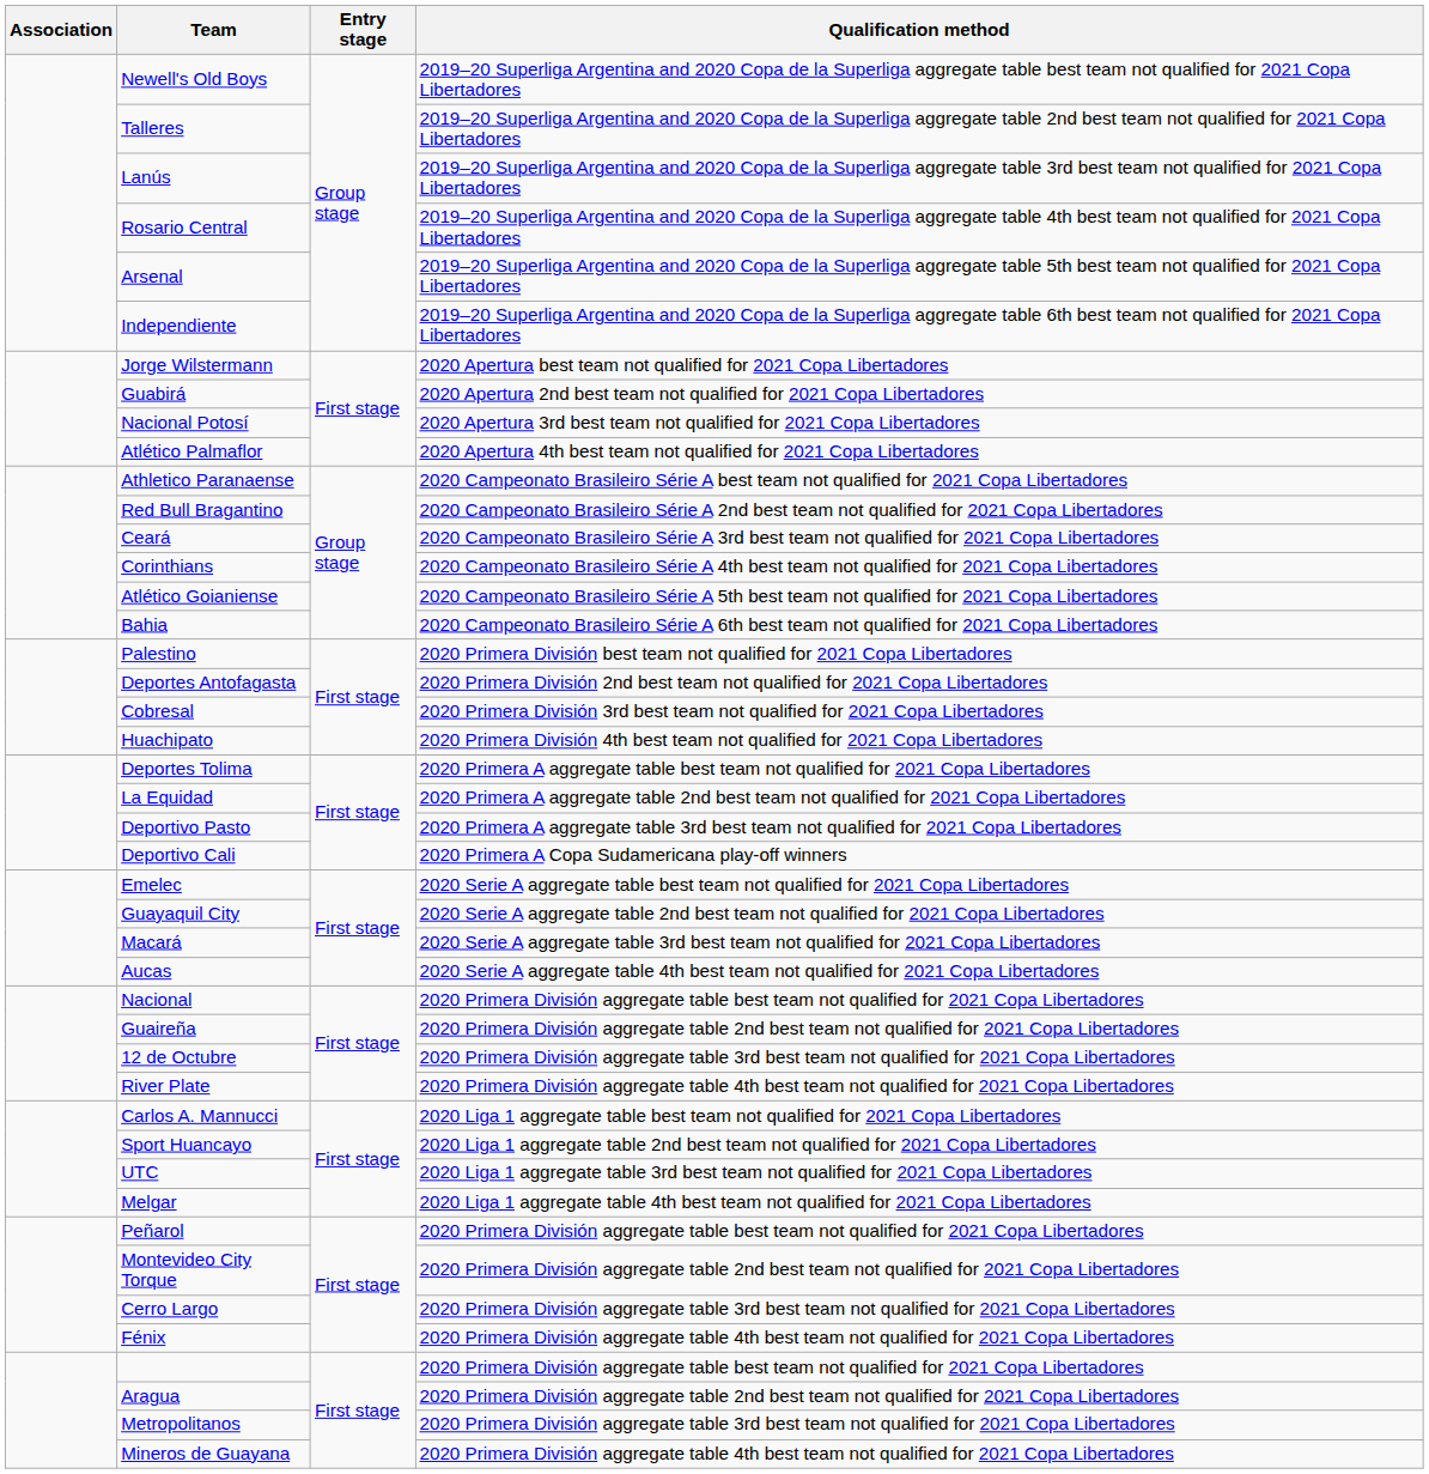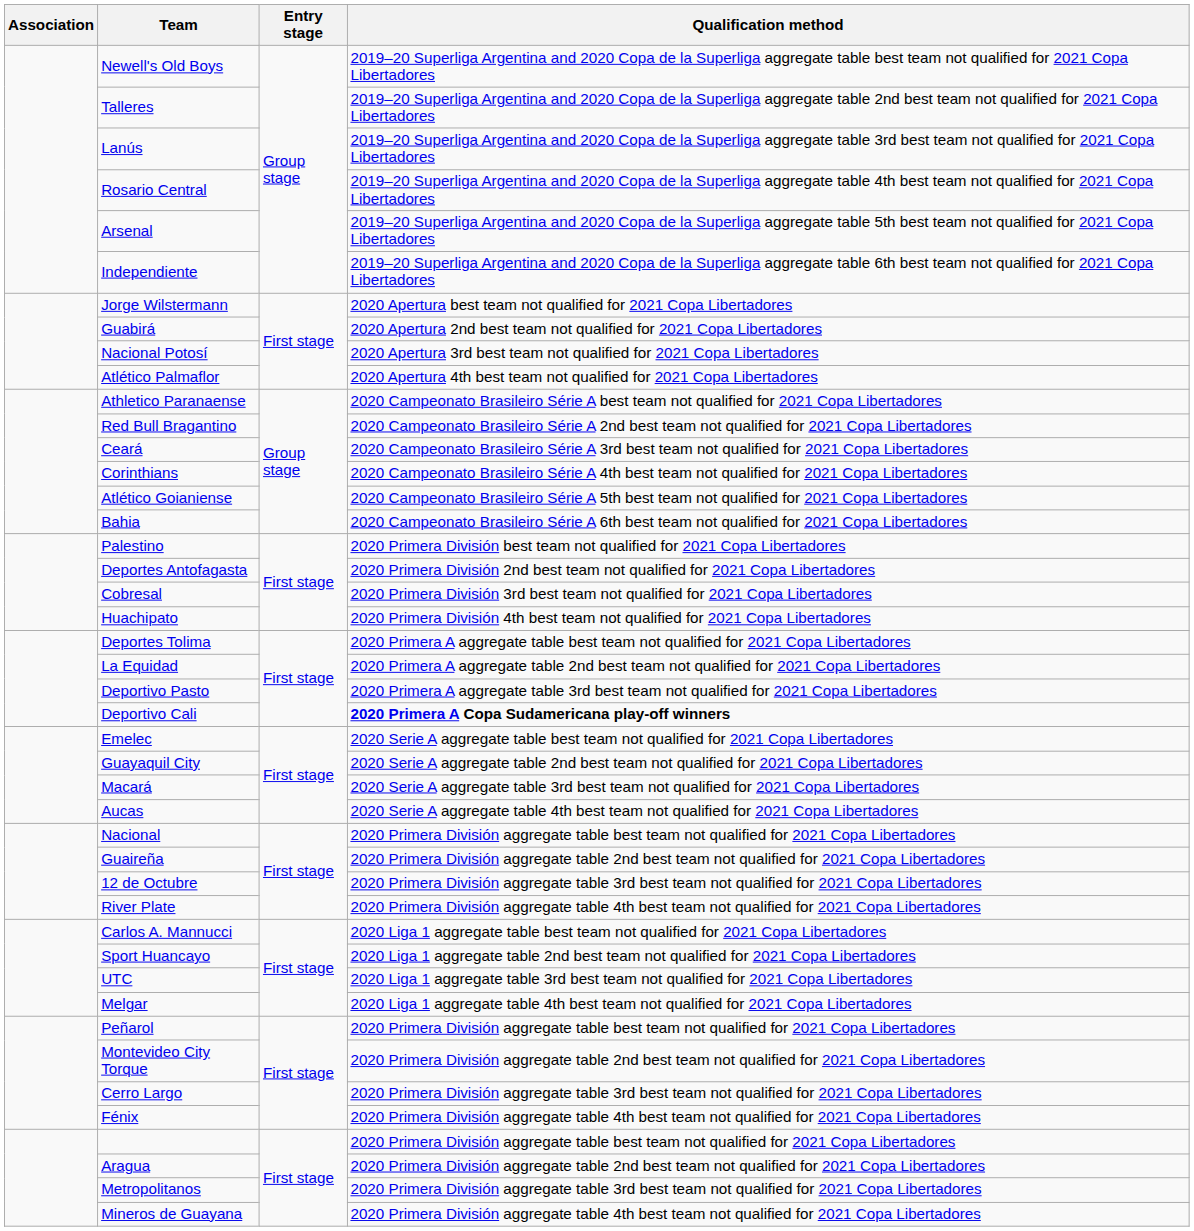 <table class="wikitable">
 <tr>
 <th>Association</th>
 <th>Team </th>
 <th>Entry stage</th>
 <th>Qualification method</th>
 </tr>
 <tr>
 <td rowspan=6><br></td>
 <td><a href='#'>Newell's Old Boys</a> </td>
 <td rowspan=6><a href='#'>Group stage</a></td>
 <td><a href='#'>2019–20 Superliga Argentina and 2020 Copa de la Superliga</a> aggregate table best team not qualified for <a href='#'>2021 Copa Libertadores</a></td>
 </tr>
 <tr>
 <td><a href='#'>Talleres</a> </td>
 <td><a href='#'>2019–20 Superliga Argentina and 2020 Copa de la Superliga</a> aggregate table 2nd best team not qualified for <a href='#'>2021 Copa Libertadores</a></td>
 </tr>
 <tr>
 <td><a href='#'>Lanús</a> </td>
 <td><a href='#'>2019–20 Superliga Argentina and 2020 Copa de la Superliga</a> aggregate table 3rd best team not qualified for <a href='#'>2021 Copa Libertadores</a></td>
 </tr>
 <tr>
 <td><a href='#'>Rosario Central</a> </td>
 <td><a href='#'>2019–20 Superliga Argentina and 2020 Copa de la Superliga</a> aggregate table 4th best team not qualified for <a href='#'>2021 Copa Libertadores</a></td>
 </tr>
 <tr>
 <td><a href='#'>Arsenal</a> </td>
 <td><a href='#'>2019–20 Superliga Argentina and 2020 Copa de la Superliga</a> aggregate table 5th best team not qualified for <a href='#'>2021 Copa Libertadores</a></td>
 </tr>
 <tr>
 <td><a href='#'>Independiente</a> </td>
 <td><a href='#'>2019–20 Superliga Argentina and 2020 Copa de la Superliga</a> aggregate table 6th best team not qualified for <a href='#'>2021 Copa Libertadores</a></td>
 </tr>
 <tr>
 <td rowspan=4><br></td>
 <td><a href='#'>Jorge Wilstermann</a> </td>
 <td rowspan=4><a href='#'>First stage</a></td>
 <td><a href='#'>2020 Apertura</a> best team not qualified for <a href='#'>2021 Copa Libertadores</a></td>
 </tr>
 <tr>
 <td><a href='#'>Guabirá</a> </td>
 <td><a href='#'>2020 Apertura</a> 2nd best team not qualified for <a href='#'>2021 Copa Libertadores</a></td>
 </tr>
 <tr>
 <td><a href='#'>Nacional Potosí</a> </td>
 <td><a href='#'>2020 Apertura</a> 3rd best team not qualified for <a href='#'>2021 Copa Libertadores</a></td>
 </tr>
 <tr>
 <td><a href='#'>Atlético Palmaflor</a> </td>
 <td><a href='#'>2020 Apertura</a> 4th best team not qualified for <a href='#'>2021 Copa Libertadores</a></td>
 </tr>
 <tr>
 <td rowspan=6><br></td>
 <td><a href='#'>Athletico Paranaense</a> </td>
 <td rowspan=6><a href='#'>Group stage</a></td>
 <td><a href='#'>2020 Campeonato Brasileiro Série A</a> best team not qualified for <a href='#'>2021 Copa Libertadores</a></td>
 </tr>
 <tr>
 <td><a href='#'>Red Bull Bragantino</a> </td>
 <td><a href='#'>2020 Campeonato Brasileiro Série A</a> 2nd best team not qualified for <a href='#'>2021 Copa Libertadores</a></td>
 </tr>
 <tr>
 <td><a href='#'>Ceará</a> </td>
 <td><a href='#'>2020 Campeonato Brasileiro Série A</a> 3rd best team not qualified for <a href='#'>2021 Copa Libertadores</a></td>
 </tr>
 <tr>
 <td><a href='#'>Corinthians</a> </td>
 <td><a href='#'>2020 Campeonato Brasileiro Série A</a> 4th best team not qualified for <a href='#'>2021 Copa Libertadores</a></td>
 </tr>
 <tr>
 <td><a href='#'>Atlético Goianiense</a> </td>
 <td><a href='#'>2020 Campeonato Brasileiro Série A</a> 5th best team not qualified for <a href='#'>2021 Copa Libertadores</a></td>
 </tr>
 <tr>
 <td><a href='#'>Bahia</a> </td>
 <td><a href='#'>2020 Campeonato Brasileiro Série A</a> 6th best team not qualified for <a href='#'>2021 Copa Libertadores</a></td>
 </tr>
 <tr>
 <td rowspan=4><br></td>
 <td><a href='#'>Palestino</a> </td>
 <td rowspan=4><a href='#'>First stage</a></td>
 <td><a href='#'>2020 Primera División</a> best team not qualified for <a href='#'>2021 Copa Libertadores</a></td>
 </tr>
 <tr>
 <td><a href='#'>Deportes Antofagasta</a> </td>
 <td><a href='#'>2020 Primera División</a> 2nd best team not qualified for <a href='#'>2021 Copa Libertadores</a></td>
 </tr>
 <tr>
 <td><a href='#'>Cobresal</a> </td>
 <td><a href='#'>2020 Primera División</a> 3rd best team not qualified for <a href='#'>2021 Copa Libertadores</a></td>
 </tr>
 <tr>
 <td><a href='#'>Huachipato</a> </td>
 <td><a href='#'>2020 Primera División</a> 4th best team not qualified for <a href='#'>2021 Copa Libertadores</a></td>
 </tr>
 <tr>
 <td rowspan=4><br></td>
 <td><a href='#'>Deportes Tolima</a> </td>
 <td rowspan=4><a href='#'>First stage</a></td>
 <td><a href='#'>2020 Primera A</a> aggregate table best team not qualified for <a href='#'>2021 Copa Libertadores</a></td>
 </tr>
 <tr>
 <td><a href='#'>La Equidad</a> </td>
 <td><a href='#'>2020 Primera A</a> aggregate table 2nd best team not qualified for <a href='#'>2021 Copa Libertadores</a></td>
 </tr>
 <tr>
 <td><a href='#'>Deportivo Pasto</a> </td>
 <td><a href='#'>2020 Primera A</a> aggregate table 3rd best team not qualified for <a href='#'>2021 Copa Libertadores</a></td>
 </tr>
 <tr>
 <td><a href='#'>Deportivo Cali</a> </td>
-<td><a href='#'>2020 Primera A</a> Copa Sudamericana play-off winners</td>
+<td><strong><a href='#'>2020 Primera A</a> Copa Sudamericana play-off winners</strong></td>
 </tr>
 <tr>
 <td rowspan=4><br></td>
 <td><a href='#'>Emelec</a> </td>
 <td rowspan=4><a href='#'>First stage</a></td>
 <td><a href='#'>2020 Serie A</a> aggregate table best team not qualified for <a href='#'>2021 Copa Libertadores</a></td>
 </tr>
 <tr>
 <td><a href='#'>Guayaquil City</a> </td>
 <td><a href='#'>2020 Serie A</a> aggregate table 2nd best team not qualified for <a href='#'>2021 Copa Libertadores</a></td>
 </tr>
 <tr>
 <td><a href='#'>Macará</a> </td>
 <td><a href='#'>2020 Serie A</a> aggregate table 3rd best team not qualified for <a href='#'>2021 Copa Libertadores</a></td>
 </tr>
 <tr>
 <td><a href='#'>Aucas</a> </td>
 <td><a href='#'>2020 Serie A</a> aggregate table 4th best team not qualified for <a href='#'>2021 Copa Libertadores</a></td>
 </tr>
 <tr>
 <td rowspan=4><br></td>
 <td><a href='#'>Nacional</a> </td>
 <td rowspan=4><a href='#'>First stage</a></td>
 <td><a href='#'>2020 Primera División</a> aggregate table best team not qualified for <a href='#'>2021 Copa Libertadores</a></td>
 </tr>
 <tr>
 <td><a href='#'>Guaireña</a> </td>
 <td><a href='#'>2020 Primera División</a> aggregate table 2nd best team not qualified for <a href='#'>2021 Copa Libertadores</a></td>
 </tr>
 <tr>
 <td><a href='#'>12 de Octubre</a> </td>
 <td><a href='#'>2020 Primera División</a> aggregate table 3rd best team not qualified for <a href='#'>2021 Copa Libertadores</a></td>
 </tr>
 <tr>
 <td><a href='#'>River Plate</a> </td>
 <td><a href='#'>2020 Primera División</a> aggregate table 4th best team not qualified for <a href='#'>2021 Copa Libertadores</a></td>
 </tr>
 <tr>
 <td rowspan=4><br></td>
 <td><a href='#'>Carlos A. Mannucci</a> </td>
 <td rowspan=4><a href='#'>First stage</a></td>
 <td><a href='#'>2020 Liga 1</a> aggregate table best team not qualified for <a href='#'>2021 Copa Libertadores</a></td>
 </tr>
 <tr>
 <td><a href='#'>Sport Huancayo</a> </td>
 <td><a href='#'>2020 Liga 1</a> aggregate table 2nd best team not qualified for <a href='#'>2021 Copa Libertadores</a></td>
 </tr>
 <tr>
 <td><a href='#'>UTC</a> </td>
 <td><a href='#'>2020 Liga 1</a> aggregate table 3rd best team not qualified for <a href='#'>2021 Copa Libertadores</a></td>
 </tr>
 <tr>
 <td><a href='#'>Melgar</a> </td>
 <td><a href='#'>2020 Liga 1</a> aggregate table 4th best team not qualified for <a href='#'>2021 Copa Libertadores</a></td>
 </tr>
 <tr>
 <td rowspan=4><br></td>
 <td><a href='#'>Peñarol</a> </td>
 <td rowspan=4><a href='#'>First stage</a></td>
 <td><a href='#'>2020 Primera División</a> aggregate table best team not qualified for <a href='#'>2021 Copa Libertadores</a></td>
 </tr>
 <tr>
 <td><a href='#'>Montevideo City Torque</a> </td>
 <td><a href='#'>2020 Primera División</a> aggregate table 2nd best team not qualified for <a href='#'>2021 Copa Libertadores</a></td>
 </tr>
 <tr>
 <td><a href='#'>Cerro Largo</a> </td>
 <td><a href='#'>2020 Primera División</a> aggregate table 3rd best team not qualified for <a href='#'>2021 Copa Libertadores</a></td>
 </tr>
 <tr>
 <td><a href='#'>Fénix</a> </td>
 <td><a href='#'>2020 Primera División</a> aggregate table 4th best team not qualified for <a href='#'>2021 Copa Libertadores</a></td>
 </tr>
 <tr>
 <td rowspan=4><br></td>
 <td></td>
 <td rowspan=4><a href='#'>First stage</a></td>
 <td><a href='#'>2020 Primera División</a> aggregate table best team not qualified for <a href='#'>2021 Copa Libertadores</a></td>
 </tr>
 <tr>
 <td><a href='#'>Aragua</a> </td>
 <td><a href='#'>2020 Primera División</a> aggregate table 2nd best team not qualified for <a href='#'>2021 Copa Libertadores</a></td>
 </tr>
 <tr>
 <td><a href='#'>Metropolitanos</a> </td>
 <td><a href='#'>2020 Primera División</a> aggregate table 3rd best team not qualified for <a href='#'>2021 Copa Libertadores</a></td>
 </tr>
 <tr>
 <td><a href='#'>Mineros de Guayana</a> </td>
 <td><a href='#'>2020 Primera División</a> aggregate table 4th best team not qualified for <a href='#'>2021 Copa Libertadores</a></td>
 </tr>
 </table>
